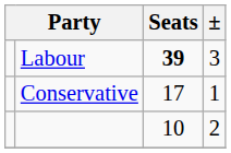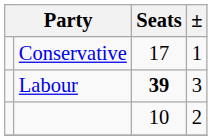 <table class="sortable wikitable">
 <tr>
 <th colspan="2">Party</th>
 <th>Seats</th>
 <th>±</th>
 </tr>
 <tr>
 <td style="background-color: "></td>
+<td><a href='#'>Conservative</a></td>
+<td align="center">17</td>
+<td align="center">1</td>
+</tr>
+<tr>
+<td style="background-color: "></td>
 <td><a href='#'>Labour</a></td>
 <td align="center"><strong>39</strong></td>
 <td align="center">3</td>
-</tr>
-<tr>
-<td style="background-color: "></td>
-<td><a href='#'>Conservative</a></td>
-<td align="center">17</td>
-<td align="center">1</td>
 </tr>
 <tr>
 <td style="background-color: "></td>
 <td><a href='#'></a></td>
 <td align="center">10</td>
 <td align="center">2</td>
 </tr>
 <tr>
 </tr>
 </table>
